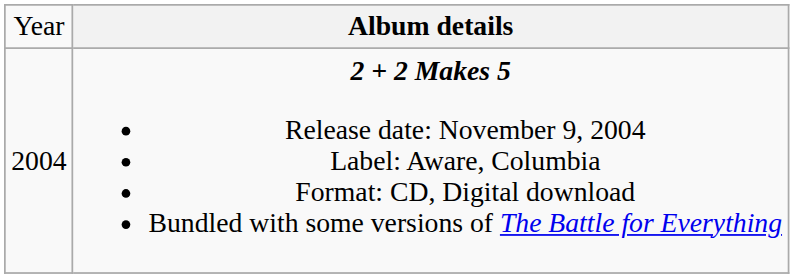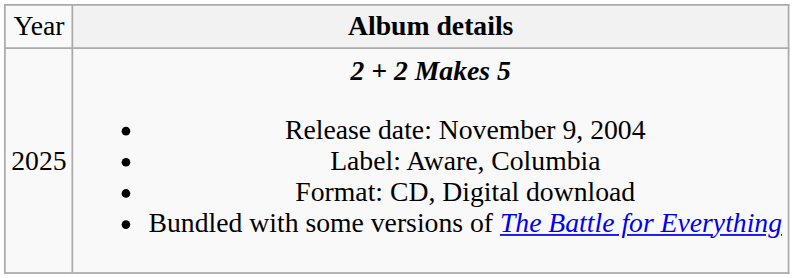 <table class="wikitable" style="text-align:center;">
 <tr>
 <td scope="col">Year</td>
 <th scope="col">Album details</th>
 </tr>
 <tr>
-<td>2004</td>
+<td>2025</td>
 <td><strong><em>2 + 2 Makes 5</em></strong><br><ul><li>Release date: November 9, 2004</li><li>Label: Aware, Columbia</li><li>Format: CD, Digital download</li><li>Bundled with some versions of <em><a href='#'>The Battle for Everything</a></em></li></ul></td>
 </tr>
 </table>
